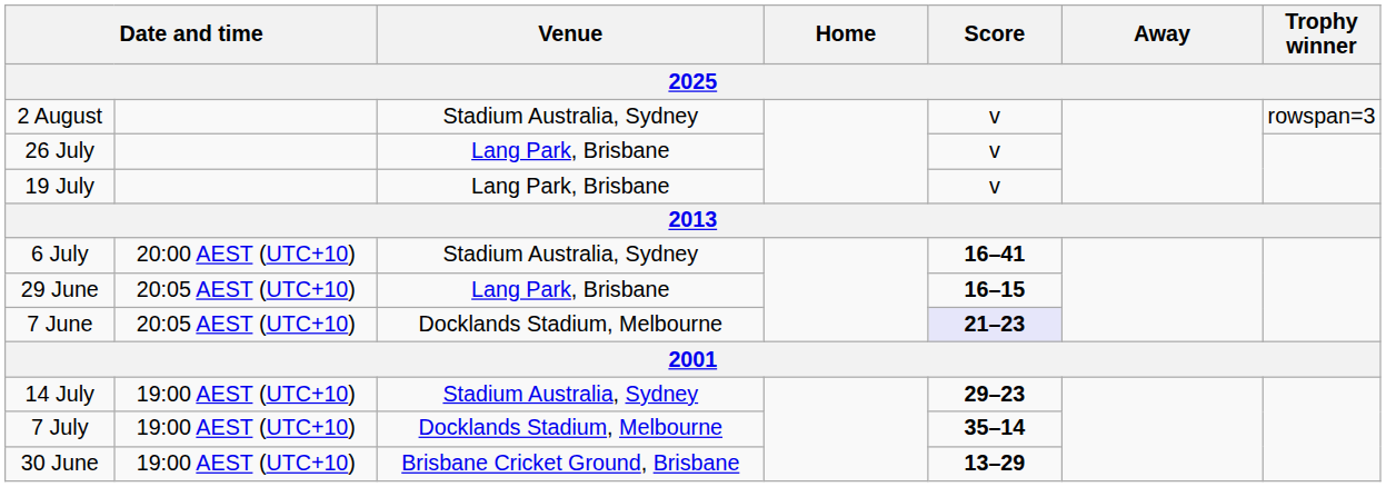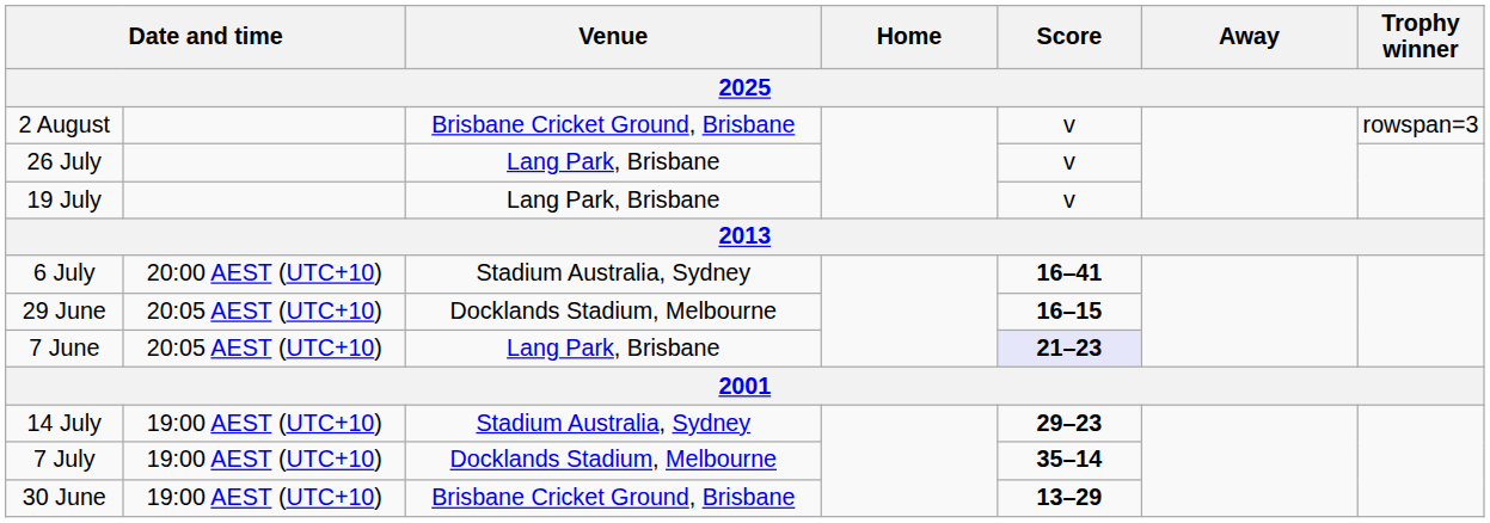 <table class="wikitable" style="text-align:center;">
 <tr>
 <th style="width:265px" colspan=2>Date and time</th>
 <th scope="col" style="width: 275px;">Venue</th>
 <th style="width:113px">Home</th>
 <th style="width:90px">Score</th>
 <th style="width:140px">Away</th>
 <th>Trophy<br>winner</th>
 </tr>
 <tr>
 <th colspan=7><a href='#'>2025</a></th>
 </tr>
 <tr>
 <td>2 August</td>
 <td></td>
-<td>Stadium Australia, Sydney</td>
+<td><a href='#'>Brisbane Cricket Ground</a>, <a href='#'>Brisbane</a></td>
 <td rowspan=3 align=right></td>
 <td align=center>v</td>
 <td rowspan=3></td>
 <td>rowspan=3 </td>
 </tr>
 <tr>
 <td>26 July</td>
 <td></td>
 <td><a href='#'>Lang Park</a>, Brisbane</td>
 <td align=center>v</td>
 </tr>
 <tr>
 <td>19 July</td>
 <td></td>
 <td>Lang Park, Brisbane</td>
 <td align=center>v</td>
 </tr>
 <tr>
 <th colspan=7><a href='#'>2013</a></th>
 </tr>
 <tr>
 <td>6 July</td>
 <td>20:00 <a href='#'>AEST</a> (<a href='#'>UTC+10</a>)</td>
 <td>Stadium Australia, Sydney</td>
 <td rowspan=3 align=right></td>
 <td align=center><strong>16–41</strong></td>
 <td rowspan=3></td>
 <td rowspan=3></td>
 </tr>
 <tr>
 <td>29 June</td>
 <td>20:05 <a href='#'>AEST</a> (<a href='#'>UTC+10</a>)</td>
-<td><a href='#'>Lang Park</a>, Brisbane</td>
+<td>Docklands Stadium, Melbourne</td>
 <td align=center><strong>16–15</strong></td>
 </tr>
 <tr>
 <td>7 June</td>
 <td>20:05 <a href='#'>AEST</a> (<a href='#'>UTC+10</a>)</td>
-<td>Docklands Stadium, Melbourne</td>
+<td><a href='#'>Lang Park</a>, Brisbane</td>
 <td align=center style="background: lavender;"><strong>21–23</strong></td>
 </tr>
 <tr>
 <th colspan=7><a href='#'>2001</a></th>
 </tr>
 <tr>
 <td>14 July</td>
 <td>19:00 <a href='#'>AEST</a> (<a href='#'>UTC+10</a>)</td>
 <td><a href='#'>Stadium Australia</a>, <a href='#'>Sydney</a></td>
 <td rowspan=3 align=right></td>
 <td align=center><strong>29–23</strong></td>
 <td rowspan=3></td>
 <td rowspan=3></td>
 </tr>
 <tr>
 <td>7 July</td>
 <td>19:00 <a href='#'>AEST</a> (<a href='#'>UTC+10</a>)</td>
 <td><a href='#'>Docklands Stadium</a>, <a href='#'>Melbourne</a></td>
 <td align=center><strong>35–14</strong></td>
 </tr>
 <tr>
 <td>30 June</td>
 <td>19:00 <a href='#'>AEST</a> (<a href='#'>UTC+10</a>)</td>
 <td><a href='#'>Brisbane Cricket Ground</a>, <a href='#'>Brisbane</a></td>
 <td align=center><strong>13–29</strong></td>
 </tr>
 </table>
